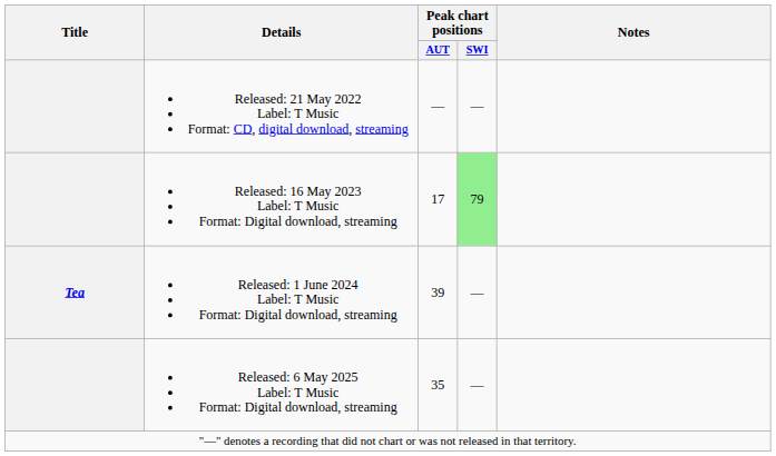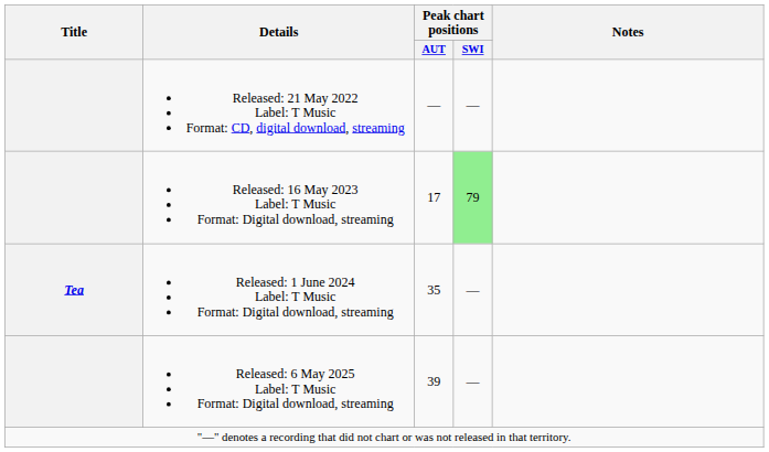 <table class="wikitable plainrowheaders" style="text-align:center;" border="1">
 <tr>
 <th rowspan="2" scope="col" style="width:10em;">Title</th>
 <th rowspan="2" scope="col" style="width:20em;">Details</th>
 <th colspan="2"><strong>Peak chart positions</strong></th>
 <th rowspan="2" scope="col" style="width:20em;">Notes</th>
 </tr>
 <tr>
 <th scope="col" style="width:3em; font-size:85%;"><a href='#'>AUT</a><br></th>
 <th scope="col" style="width:3em; font-size:85%;"><a href='#'>SWI</a><br></th>
 </tr>
 <tr>
 <th scope="row"></th>
 <td><br><ul><li>Released: 21 May 2022</li><li>Label: T Music</li><li>Format: <a href='#'>CD</a>, <a href='#'>digital download</a>, <a href='#'>streaming</a></li></ul></td>
 <td>—</td>
 <td>—</td>
 <td><br></td>
 </tr>
 <tr>
 <th scope="row"></th>
 <td><br><ul><li>Released: 16 May 2023</li><li>Label: T Music</li><li>Format: Digital download, streaming</li></ul></td>
 <td>17</td>
 <td style="background: lightgreen;">79</td>
 <td><br></td>
 </tr>
 <tr>
 <th scope="row"><em><a href='#'>Tea</a></em></th>
 <td><br><ul><li>Released: 1 June 2024</li><li>Label: T Music</li><li>Format: Digital download, streaming</li></ul></td>
-<td>39</td>
+<td>35</td>
 <td>—</td>
 <td></td>
 </tr>
 <tr>
 <th scope="row"></th>
 <td><br><ul><li>Released: 6 May 2025</li><li>Label: T Music</li><li>Format: Digital download, streaming</li></ul></td>
-<td>35</td>
+<td>39</td>
 <td>—</td>
 <td><br></td>
 </tr>
 <tr>
 <td colspan="5" style="font-size:90%">"—" denotes a recording that did not chart or was not released in that territory.</td>
 </tr>
 </table>
